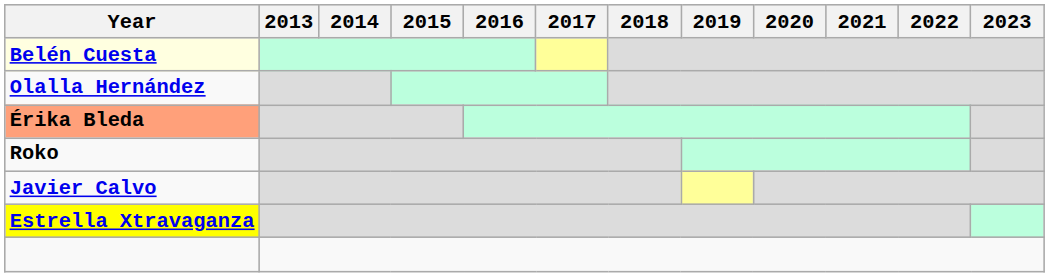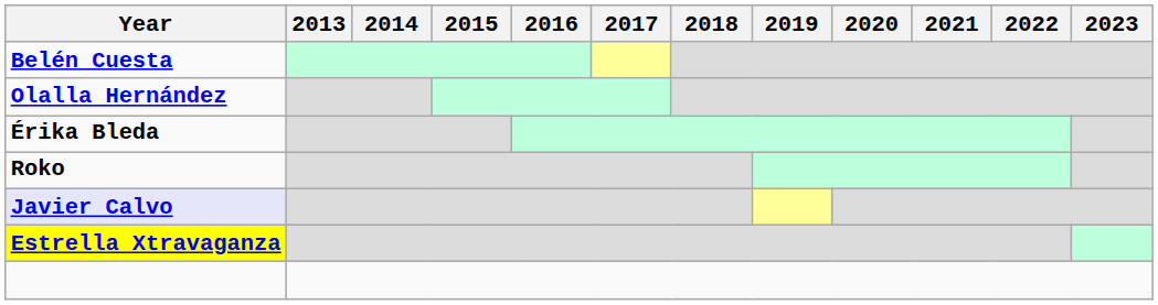 <table class="wikitable">
 <tr>
 <th colspan="">Year</th>
 <th>2013</th>
 <th width="40" !>2014</th>
 <th width="40" !>2015</th>
 <th width="40" !>2016</th>
 <th width="40" !>2017</th>
 <th width="40">2018</th>
 <th width="40">2019</th>
 <th width="40">2020</th>
 <th width="40">2021</th>
 <th width="40">2022</th>
 <th width="40">2023</th>
 </tr>
 <tr>
-<td style="background: lightyellow;"><strong><a href='#'>Belén Cuesta</a></strong></td>
+<td><strong><a href='#'>Belén Cuesta</a></strong></td>
 <td colspan="4" bgcolor="#bfd"></td>
 <td colspan="1" bgcolor="#FF9"></td>
 <td colspan="6" bgcolor="#DCDCDC"></td>
 </tr>
 <tr>
 <td><strong><a href='#'>Olalla Hernández</a></strong></td>
 <td colspan="2" bgcolor="#DCDCDC"></td>
 <td colspan="3" bgcolor="#bfd"></td>
 <td colspan="6" bgcolor="#DCDCDC"></td>
 </tr>
 <tr>
-<td style="background: lightsalmon;"><strong>Érika Bleda</strong></td>
+<td><strong>Érika Bleda</strong></td>
 <td colspan="3" bgcolor="#DCDCDC"></td>
 <td colspan="7" bgcolor="#bfd"></td>
 <td colspan="1" bgcolor="#DCDCDC"></td>
 </tr>
 <tr>
 <td><strong>Roko</strong></td>
 <td colspan="6" bgcolor="#DCDCDC"></td>
 <td colspan="4" bgcolor="#bfd"></td>
 <td colspan="1" bgcolor="#DCDCDC"></td>
 </tr>
 <tr>
-<td><strong><a href='#'>Javier Calvo</a></strong></td>
+<td style="background: lavender;"><strong><a href='#'>Javier Calvo</a></strong></td>
 <td colspan="6" bgcolor="#DCDCDC"></td>
 <td colspan="1" bgcolor="#FF9"></td>
 <td colspan="4" bgcolor="#DCDCDC"></td>
 </tr>
 <tr>
 <td colspan="1" bgcolor="yellow"><strong><a href='#'>Estrella Xtravaganza</a></strong></td>
 <td colspan="10" bgcolor="#DCDCDC"></td>
 <td colspan="1" bgcolor="#bfd"></td>
 </tr>
 <tr>
 <td><br></td>
 </tr>
 </table>
